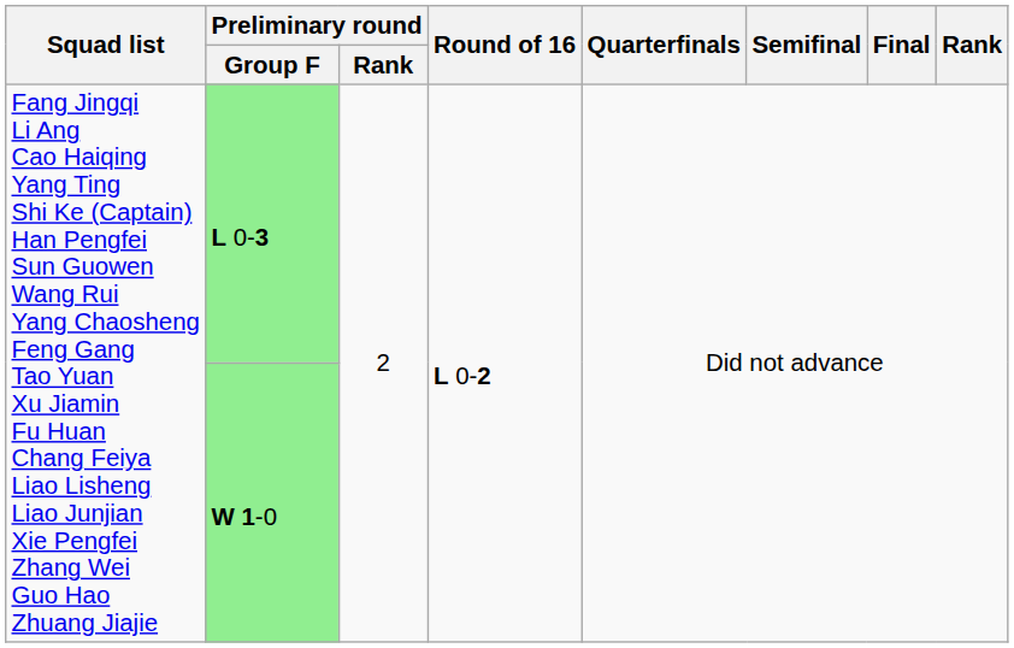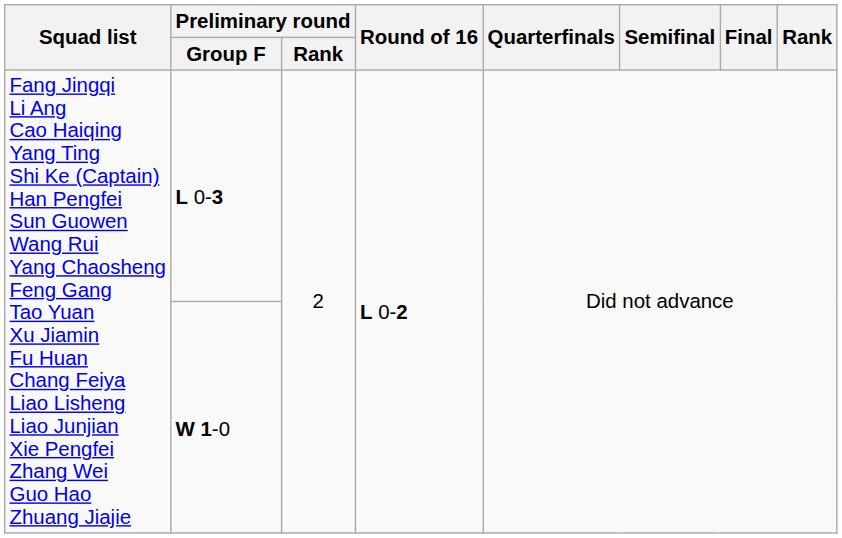 <table class="wikitable"style="text-align:left; font-size:90%">
 <tr>
 <th rowspan="2">Squad list</th>
 <th colspan="2">Preliminary round</th>
 <th rowspan="2">Round of 16</th>
 <th rowspan="2">Quarterfinals</th>
 <th rowspan="2">Semifinal</th>
 <th rowspan="2">Final</th>
 <th rowspan="2">Rank</th>
 </tr>
 <tr>
 <th>Group F</th>
 <th>Rank</th>
 </tr>
 <tr>
 <td rowspan=2><a href='#'>Fang Jingqi</a><br><a href='#'>Li Ang</a><br><a href='#'>Cao Haiqing</a><br><a href='#'>Yang Ting</a><br><a href='#'>Shi Ke (Captain)</a><br><a href='#'>Han Pengfei</a><br><a href='#'>Sun Guowen</a><br><a href='#'>Wang Rui</a><br><a href='#'>Yang Chaosheng</a><br><a href='#'>Feng Gang</a><br><a href='#'>Tao Yuan</a><br><a href='#'>Xu Jiamin</a><br><a href='#'>Fu Huan</a><br><a href='#'>Chang Feiya</a><br><a href='#'>Liao Lisheng</a><br><a href='#'>Liao Junjian</a><br><a href='#'>Xie Pengfei</a><br><a href='#'>Zhang Wei</a><br><a href='#'>Guo Hao</a><br><a href='#'>Zhuang Jiajie</a></td>
-<td style="background: lightgreen;"><br><strong>L</strong> 0-<strong>3</strong></td>
+<td><br><strong>L</strong> 0-<strong>3</strong></td>
 <td rowspan="2" style="text-align:center;">2 <strong></strong></td>
 <td rowspan=2><br><strong>L</strong> 0-<strong>2</strong></td>
 <td rowspan="2" colspan="4" style="text-align:center;">Did not advance</td>
 </tr>
 <tr>
-<td style="background: lightgreen;"><br><strong>W</strong> <strong>1</strong>-0</td>
+<td><br><strong>W</strong> <strong>1</strong>-0</td>
 </tr>
 </table>
